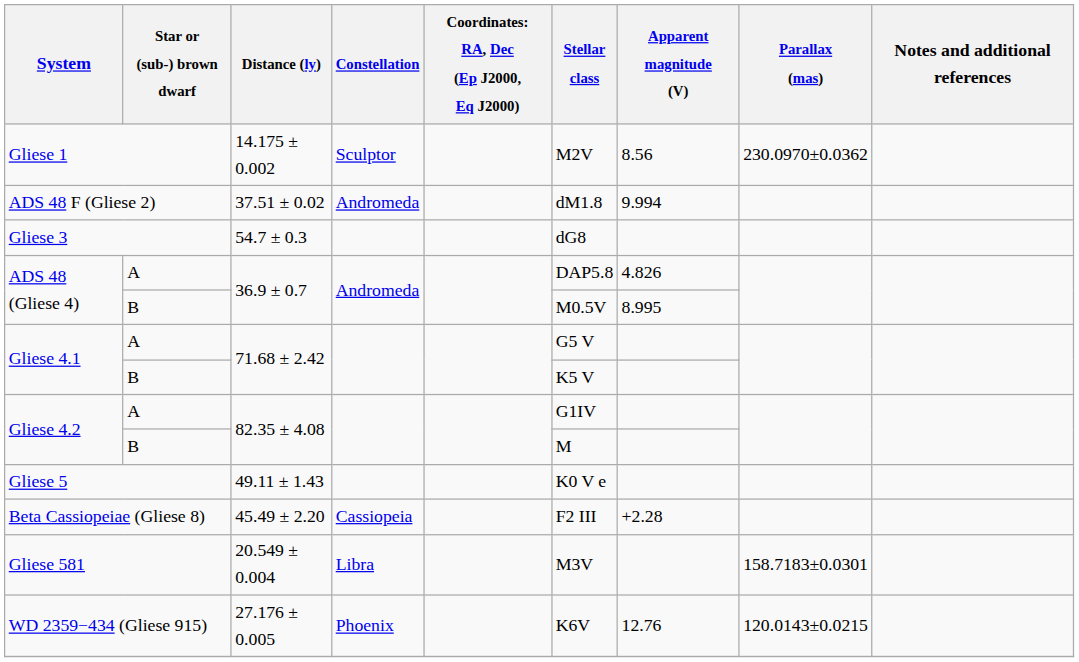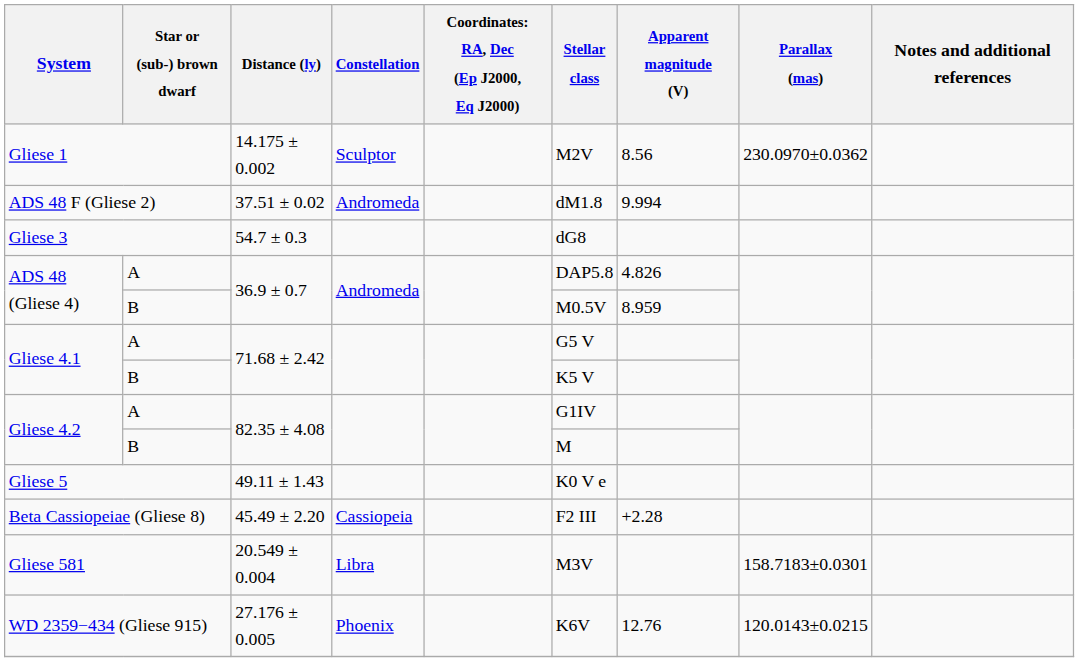 <table class="wikitable sortable" style="font-size:90%; line-height:1.5em; position:relative">
 <tr>
 <th scope="col"><a href='#'>System</a></th>
 <th><small>Star or<br>(sub-) brown dwarf</small></th>
 <th scope="col"><small>Distance (<a href='#'>ly</a>)</small></th>
 <th><small><a href='#'>Constellation</a></small></th>
 <th><small>Coordinates:<br><a href='#'>RA</a>, <a href='#'>Dec</a><br>(<a href='#'>Ep</a> J2000, <a href='#'>Eq</a> J2000)</small></th>
 <th scope="col"><small><a href='#'>Stellar<br>class</a></small></th>
 <th scope="col"><small><a href='#'>Apparent magnitude</a><br>(V)</small></th>
 <th scope="col"><small><a href='#'>Parallax</a><br>(<a href='#'>mas</a>)</small></th>
 <th scope="col">Notes and additional references</th>
 </tr>
 <tr>
 <td colspan = '2'><a href='#'>Gliese 1</a></td>
 <td>14.175 ± 0.002</td>
 <td><a href='#'>Sculptor</a></td>
 <td><br></td>
 <td style="background: ">M2V</td>
 <td>8.56</td>
 <td>230.0970±0.0362</td>
 <td></td>
 </tr>
 <tr>
 <td colspan = '2'><a href='#'>ADS 48</a> F (Gliese 2)</td>
 <td>37.51 ± 0.02</td>
 <td><a href='#'>Andromeda</a></td>
 <td><br></td>
 <td style="background: ">dM1.8</td>
 <td>9.994</td>
 <td></td>
 <td></td>
 </tr>
 <tr>
 <td colspan = '2'><a href='#'>Gliese 3</a></td>
 <td>54.7 ± 0.3</td>
 <td></td>
 <td><br></td>
 <td style="background: ">dG8</td>
 <td></td>
 <td></td>
 <td></td>
 </tr>
 <tr>
 <td rowspan='2'><a href='#'>ADS 48</a> (Gliese 4)</td>
 <td>A</td>
 <td rowspan='2'>36.9 ± 0.7</td>
 <td rowspan='2'><a href='#'>Andromeda</a></td>
 <td rowspan='2'></td>
 <td style="background: ">DAP5.8</td>
 <td>4.826</td>
 <td rowspan='2'></td>
 <td rowspan='2'></td>
 </tr>
 <tr>
 <td>B</td>
 <td style="background: ">M0.5V</td>
-<td>8.995</td>
+<td>8.959</td>
 </tr>
 <tr>
 <td rowspan='2'><a href='#'>Gliese 4.1</a></td>
 <td>A</td>
 <td rowspan='2'>71.68 ± 2.42</td>
 <td rowspan='2'></td>
 <td rowspan='2'></td>
 <td style="background: ">G5 V</td>
 <td></td>
 <td rowspan='2'></td>
 <td rowspan='2'></td>
 </tr>
 <tr>
 <td>B</td>
 <td style="background: ">K5 V</td>
 <td></td>
 </tr>
 <tr>
 <td rowspan='2'><a href='#'>Gliese 4.2</a></td>
 <td>A</td>
 <td rowspan='2'>82.35 ± 4.08</td>
 <td rowspan='2'></td>
 <td rowspan='2'></td>
 <td style="background: ">G1IV</td>
 <td></td>
 <td rowspan='2'></td>
 <td rowspan='2'></td>
 </tr>
 <tr>
 <td>B</td>
 <td style="background: ">M</td>
 <td></td>
 </tr>
 <tr>
 <td colspan = '2'><a href='#'>Gliese 5</a></td>
 <td>49.11 ± 1.43</td>
 <td></td>
 <td></td>
 <td style="background: ">K0 V e</td>
 <td></td>
 <td></td>
 <td></td>
 </tr>
 <tr>
 <td colspan = '2'><a href='#'>Beta Cassiopeiae</a> (Gliese 8)</td>
 <td>45.49 ± 2.20</td>
 <td><a href='#'>Cassiopeia</a></td>
 <td></td>
 <td style="background: ">F2 III</td>
 <td>+2.28</td>
 <td></td>
 <td></td>
 </tr>
 <tr>
 <td colspan = '2'><a href='#'>Gliese 581</a></td>
 <td>20.549 ± 0.004</td>
 <td><a href='#'>Libra</a></td>
 <td><br></td>
 <td style="background: ">M3V</td>
 <td></td>
 <td>158.7183±0.0301</td>
 <td></td>
 </tr>
 <tr>
 <td colspan = '2'><a href='#'>WD 2359−434</a> (Gliese 915)</td>
 <td>27.176 ± 0.005</td>
 <td><a href='#'>Phoenix</a></td>
 <td></td>
 <td style="background: ">K6V</td>
 <td>12.76</td>
 <td>120.0143±0.0215</td>
 <td></td>
 </tr>
 <tr>
 </tr>
 </table>
